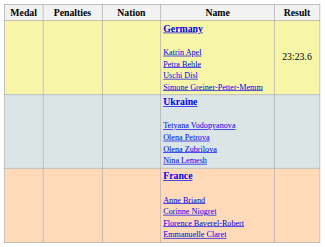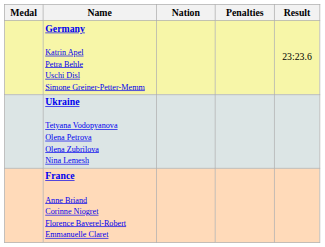 <table class=wikitable style="border:1px solid #AAAAAA;font-size:90%">
 <tr bgcolor="#E4E4E4">
 <th style="border-bottom:1px solid #AAAAAA" width=50>Medal</th>
+<th style="border-bottom:1px solid #AAAAAA" width=160>Name</th>
+<th style="border-bottom:1px solid #AAAAAA" width=80>Nation</th>
 <th style="border-bottom:1px solid #AAAAAA" width=80>Penalties</th>
-<th style="border-bottom:1px solid #AAAAAA" width=80>Nation</th>
-<th style="border-bottom:1px solid #AAAAAA" width=160>Name</th>
 <th style="border-bottom:1px solid #AAAAAA" width=60>Result</th>
 </tr>
 <tr bgcolor="#F7F6A8">
 <td align="center"></td>
+<td><strong><a href='#'>Germany</a></strong><br><br><small><a href='#'>Katrin Apel</a><br><a href='#'>Petra Behle</a><br><a href='#'>Uschi Disl</a><br><a href='#'>Simone Greiner-Petter-Memm</a></small></td>
+<td></td>
 <td align="center"></td>
-<td></td>
-<td><strong><a href='#'>Germany</a></strong><br><br><small><a href='#'>Katrin Apel</a><br><a href='#'>Petra Behle</a><br><a href='#'>Uschi Disl</a><br><a href='#'>Simone Greiner-Petter-Memm</a></small></td>
 <td align="center">23:23.6</td>
 </tr>
 <tr bgcolor="#DCE5E5">
 <td align="center"></td>
+<td><strong><a href='#'>Ukraine</a></strong><br><br><small><a href='#'>Tetyana Vodopyanova</a><br><a href='#'>Olena Petrova</a><br><a href='#'>Olena Zubrilova</a><br><a href='#'>Nina Lemesh</a></small></td>
+<td></td>
 <td align="center"></td>
-<td></td>
-<td><strong><a href='#'>Ukraine</a></strong><br><br><small><a href='#'>Tetyana Vodopyanova</a><br><a href='#'>Olena Petrova</a><br><a href='#'>Olena Zubrilova</a><br><a href='#'>Nina Lemesh</a></small></td>
 <td align="right"></td>
 </tr>
 <tr bgcolor="#FFDAB9">
 <td align="center"></td>
+<td><strong><a href='#'>France</a></strong><br><br><small><a href='#'>Anne Briand</a><br><a href='#'>Corinne Niogret</a><br><a href='#'>Florence Baverel-Robert</a><br><a href='#'>Emmanuelle Claret</a></small></td>
+<td></td>
 <td align="center"></td>
-<td></td>
-<td><strong><a href='#'>France</a></strong><br><br><small><a href='#'>Anne Briand</a><br><a href='#'>Corinne Niogret</a><br><a href='#'>Florence Baverel-Robert</a><br><a href='#'>Emmanuelle Claret</a></small></td>
 <td align="right"></td>
 </tr>
 </table>
